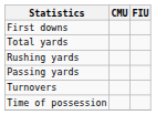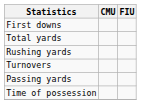 <table class="wikitable" style="float: left;">
 <tr>
 <th>Statistics</th>
 <th>CMU</th>
 <th>FIU</th>
 </tr>
 <tr>
 <td>First downs</td>
 <td></td>
 <td></td>
 </tr>
 <tr>
 <td>Total yards</td>
 <td></td>
 <td></td>
 </tr>
 <tr>
 <td>Rushing yards</td>
 <td></td>
 <td></td>
 </tr>
 <tr>
-<td>Passing yards</td>
+<td>Turnovers</td>
 <td></td>
 <td></td>
 </tr>
 <tr>
-<td>Turnovers</td>
+<td>Passing yards</td>
 <td></td>
 <td></td>
 </tr>
 <tr>
 <td>Time of possession</td>
 <td></td>
 <td></td>
 </tr>
 <tr>
 </tr>
 </table>
